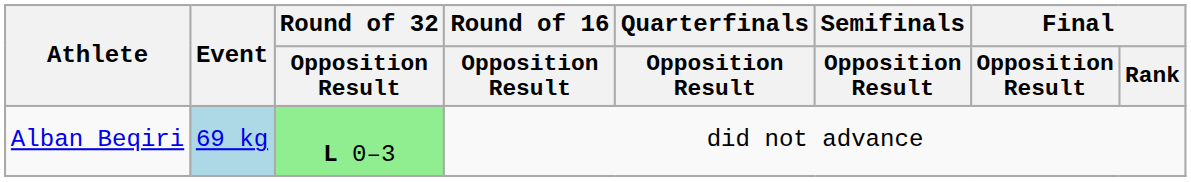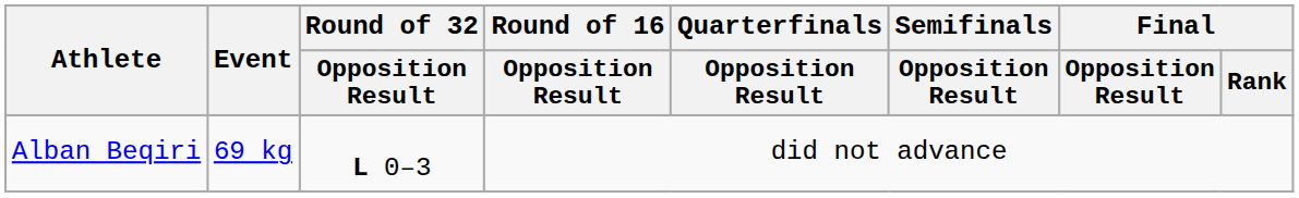 <table class="wikitable" style="font-size:90%;">
 <tr>
 <th rowspan=2>Athlete</th>
 <th rowspan=2>Event</th>
 <th>Round of 32</th>
 <th>Round of 16</th>
 <th>Quarterfinals</th>
 <th>Semifinals</th>
 <th colspan=2>Final</th>
 </tr>
 <tr style="font-size:95%">
 <th>Opposition<br>Result</th>
 <th>Opposition<br>Result</th>
 <th>Opposition<br>Result</th>
 <th>Opposition<br>Result</th>
 <th>Opposition<br>Result</th>
 <th>Rank</th>
 </tr>
 <tr align=center>
 <td align=left><a href='#'>Alban Beqiri</a></td>
-<td align=left style="background: lightblue;"><a href='#'>69 kg</a></td>
-<td style="background: lightgreen;"><br><strong>L</strong> 0–3</td>
+<td align=left><a href='#'>69 kg</a></td>
+<td><br><strong>L</strong> 0–3</td>
 <td colspan="5">did not advance</td>
 </tr>
 </table>
